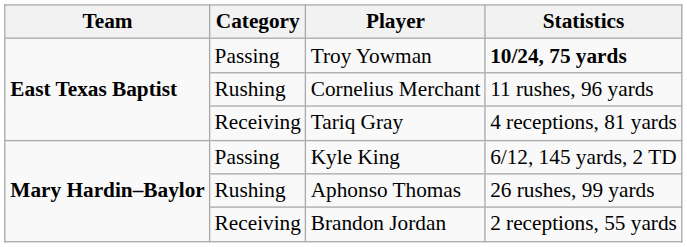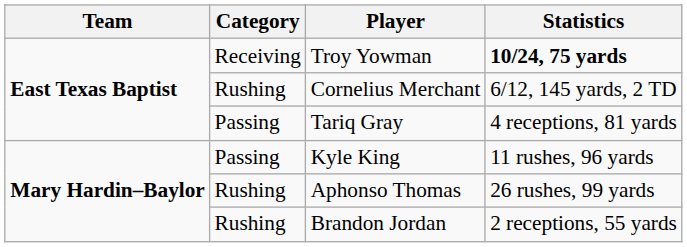 <table class="wikitable" style="float: right;">
 <tr>
 <th>Team</th>
 <th>Category</th>
 <th>Player</th>
 <th>Statistics</th>
 </tr>
 <tr>
 <td rowspan=3><strong>East Texas Baptist</strong></td>
-<td>Passing</td>
+<td>Receiving</td>
 <td>Troy Yowman</td>
 <td><strong>10/24, 75 yards</strong></td>
 </tr>
 <tr>
 <td>Rushing</td>
 <td>Cornelius Merchant</td>
-<td>11 rushes, 96 yards</td>
+<td>6/12, 145 yards, 2 TD</td>
 </tr>
 <tr>
-<td>Receiving</td>
+<td>Passing</td>
 <td>Tariq Gray</td>
 <td>4 receptions, 81 yards</td>
 </tr>
 <tr>
 <td rowspan=3><strong>Mary Hardin–Baylor</strong></td>
 <td>Passing</td>
 <td>Kyle King</td>
-<td>6/12, 145 yards, 2 TD</td>
+<td>11 rushes, 96 yards</td>
 </tr>
 <tr>
 <td>Rushing</td>
 <td>Aphonso Thomas</td>
 <td>26 rushes, 99 yards</td>
 </tr>
 <tr>
-<td>Receiving</td>
+<td>Rushing</td>
 <td>Brandon Jordan</td>
 <td>2 receptions, 55 yards</td>
 </tr>
 </table>
